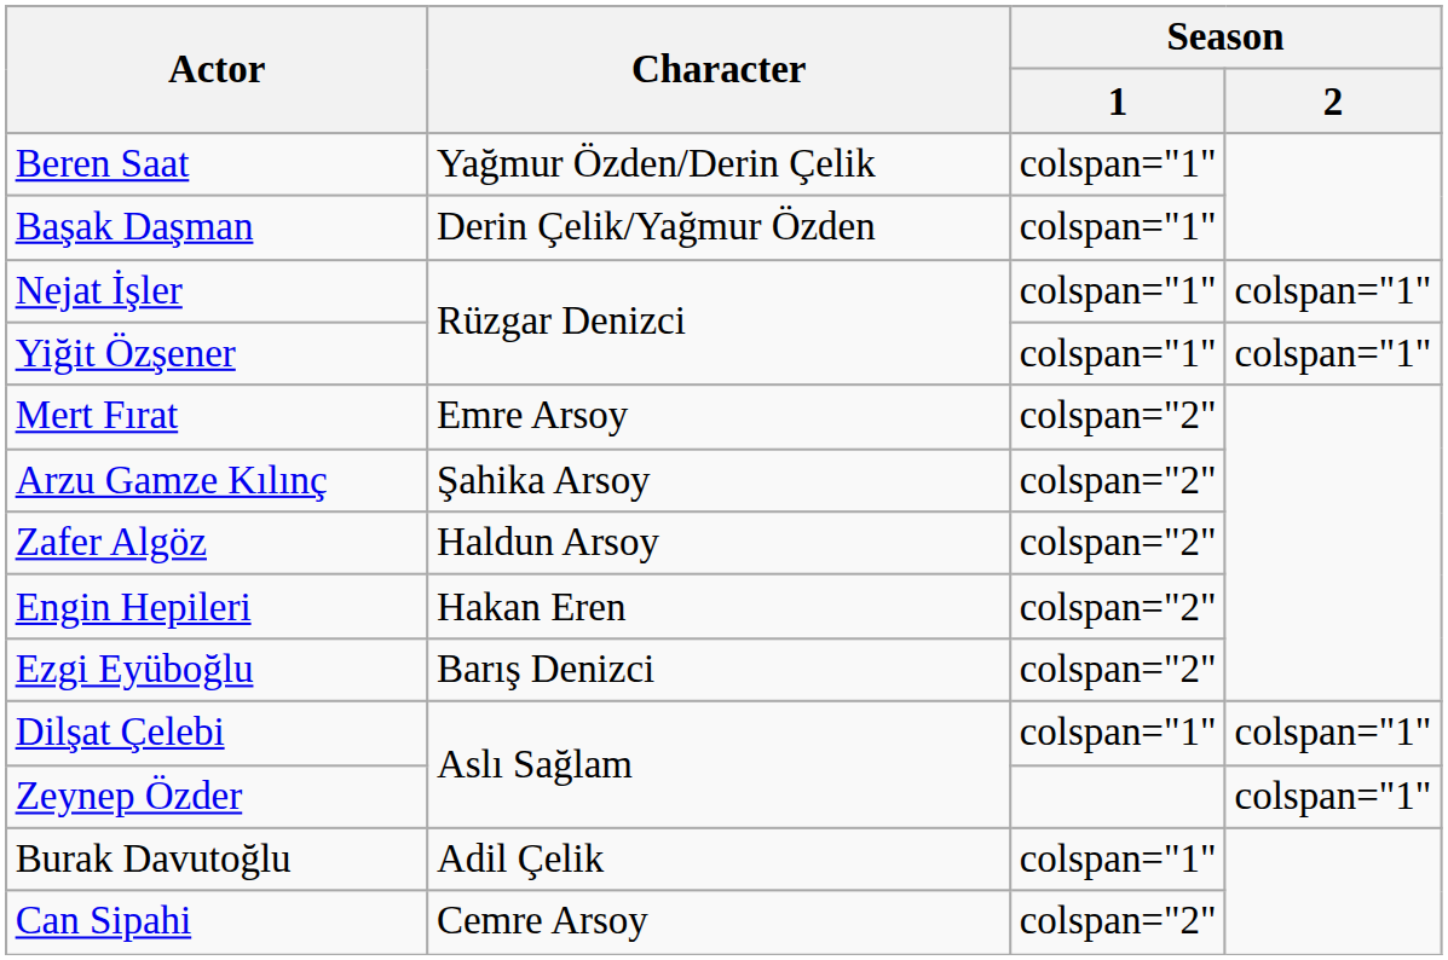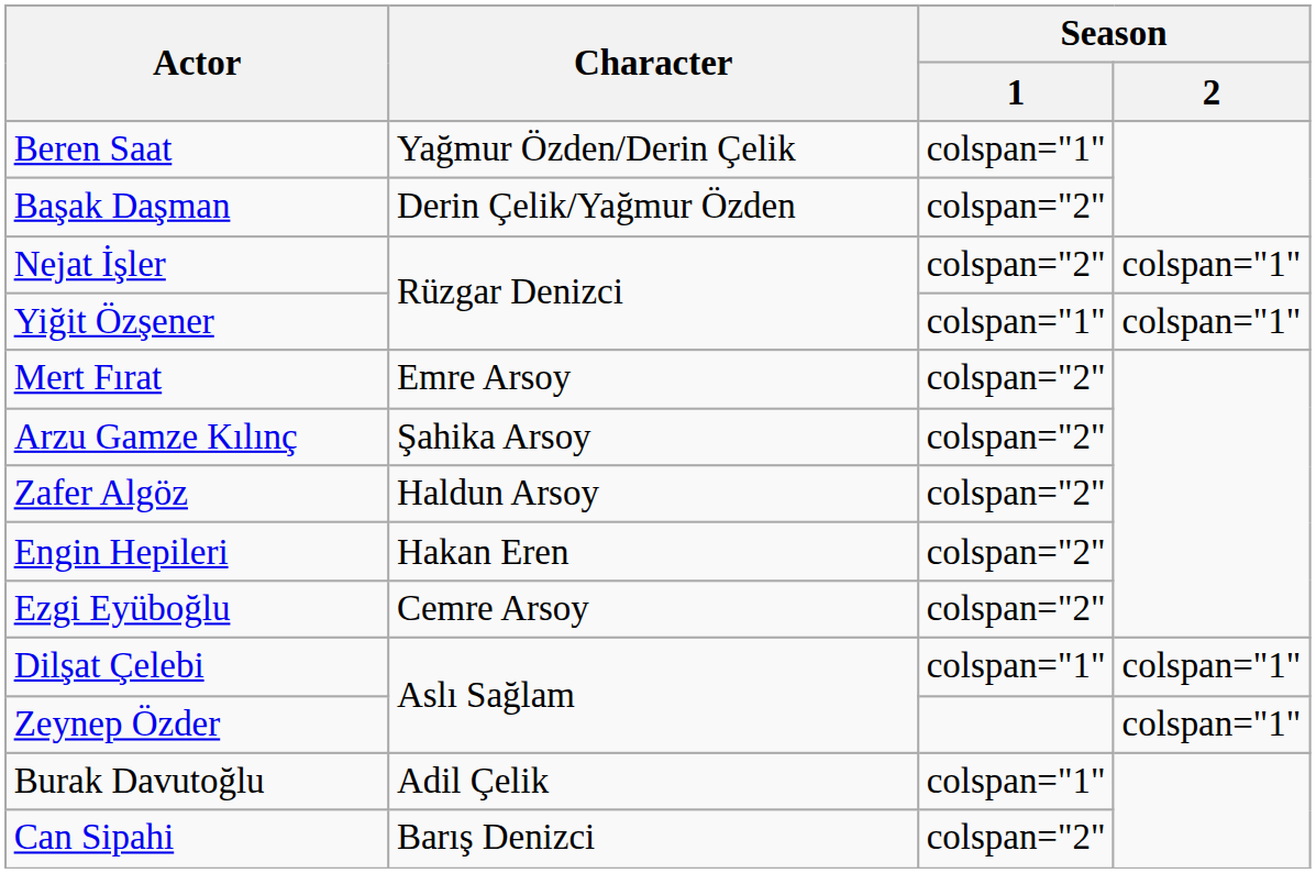 <table class="wikitable sortable">
 <tr>
 <th rowspan="2">Actor</th>
 <th rowspan="2">Character</th>
 <th colspan="2">Season</th>
 </tr>
 <tr>
 <th ! width="15%">1</th>
 <th width="15%">2</th>
 </tr>
 <tr>
 <td><a href='#'>Beren Saat</a></td>
 <td>Yağmur Özden/Derin Çelik</td>
 <td>colspan="1" </td>
 </tr>
 <tr>
 <td><a href='#'>Başak Daşman</a></td>
 <td>Derin Çelik/Yağmur Özden</td>
-<td>colspan="1" </td>
+<td>colspan="2" </td>
 </tr>
 <tr>
 <td><a href='#'>Nejat İşler</a></td>
 <td rowspan="2">Rüzgar Denizci</td>
-<td>colspan="1" </td>
+<td>colspan="2" </td>
 <td>colspan="1" </td>
 </tr>
 <tr>
 <td><a href='#'>Yiğit Özşener</a></td>
 <td>colspan="1" </td>
 <td>colspan="1" </td>
 </tr>
 <tr>
 <td><a href='#'>Mert Fırat</a></td>
 <td>Emre Arsoy</td>
 <td>colspan="2" </td>
 </tr>
 <tr>
 <td><a href='#'>Arzu Gamze Kılınç</a></td>
 <td>Şahika Arsoy</td>
 <td>colspan="2" </td>
 </tr>
 <tr>
 <td><a href='#'>Zafer Algöz</a></td>
 <td>Haldun Arsoy</td>
 <td>colspan="2" </td>
 </tr>
 <tr>
 <td><a href='#'>Engin Hepileri</a></td>
 <td>Hakan Eren</td>
 <td>colspan="2" </td>
 </tr>
 <tr>
 <td><a href='#'>Ezgi Eyüboğlu</a></td>
-<td>Barış Denizci</td>
+<td>Cemre Arsoy</td>
 <td>colspan="2" </td>
 </tr>
 <tr>
 <td><a href='#'>Dilşat Çelebi</a></td>
 <td rowspan="2">Aslı Sağlam</td>
 <td>colspan="1" </td>
 <td>colspan="1" </td>
 </tr>
 <tr>
 <td><a href='#'>Zeynep Özder</a></td>
 <td colspan="1"></td>
 <td>colspan="1" </td>
 </tr>
 <tr>
 <td>Burak Davutoğlu</td>
 <td rowspan="1">Adil Çelik</td>
 <td>colspan="1" </td>
 </tr>
 <tr>
 <td><a href='#'>Can Sipahi</a></td>
-<td>Cemre Arsoy</td>
+<td>Barış Denizci</td>
 <td>colspan="2" </td>
 </tr>
 <tr>
 </tr>
 </table>
